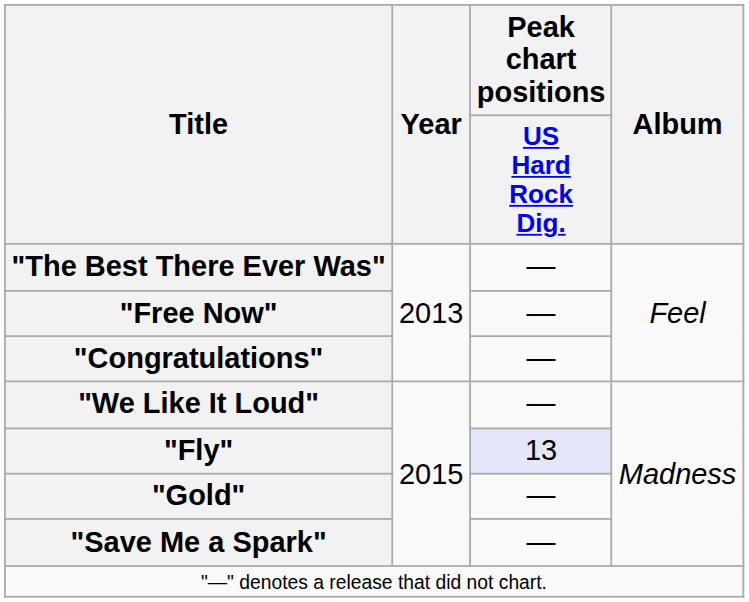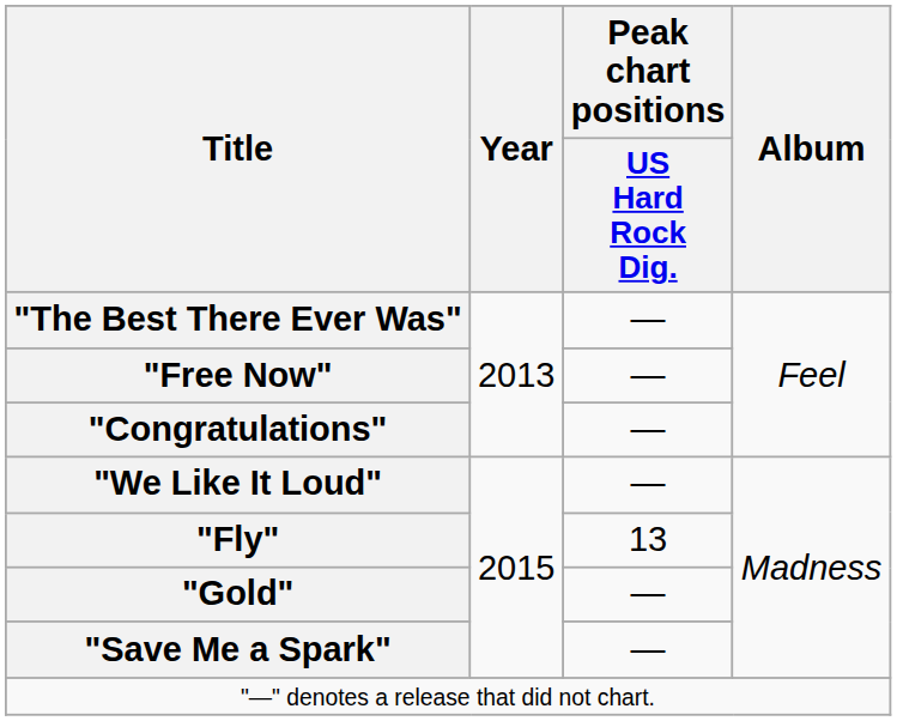 <table class="wikitable plainrowheaders" style="text-align:center;">
 <tr>
 <th scope="col" rowspan="2">Title</th>
 <th scope="col" rowspan="2">Year</th>
 <th colspan="1">Peak chart positions</th>
 <th scope="col" rowspan="2">Album</th>
 </tr>
 <tr>
 <th scope="col" style="width:2.5em;font-size:90%;"><a href='#'>US<br>Hard Rock<br>Dig.</a><br></th>
 </tr>
 <tr>
 <th scope="row">"The Best There Ever Was"</th>
 <td rowspan="3">2013</td>
 <td>—</td>
 <td rowspan="3"><em>Feel</em></td>
 </tr>
 <tr>
 <th scope="row">"Free Now"</th>
 <td>—</td>
 </tr>
 <tr>
 <th scope="row">"Congratulations"</th>
 <td>—</td>
 </tr>
 <tr>
 <th scope="row">"We Like It Loud"</th>
 <td rowspan="4">2015</td>
 <td>—</td>
 <td rowspan="4"><em>Madness</em></td>
 </tr>
 <tr>
 <th scope="row">"Fly"</th>
-<td style="background: lavender;">13</td>
+<td>13</td>
 </tr>
 <tr>
 <th scope="row">"Gold"</th>
 <td>—</td>
 </tr>
 <tr>
 <th scope="row">"Save Me a Spark"</th>
 <td>—</td>
 </tr>
 <tr>
 <td colspan="8" style="text-align:center; font-size:8pt;">"—" denotes a release that did not chart.</td>
 </tr>
 </table>
